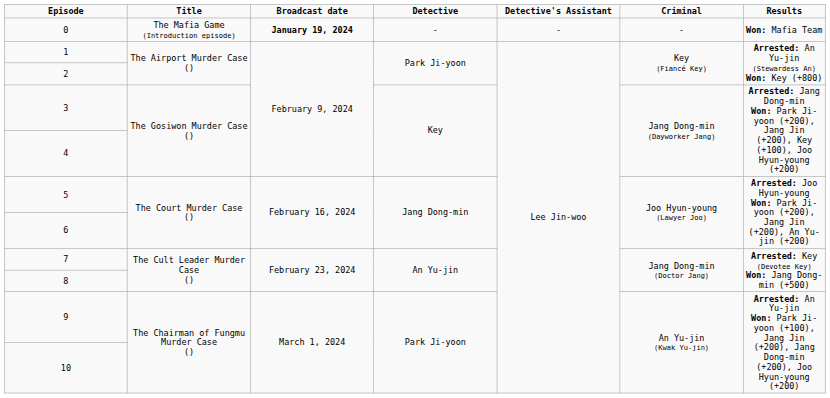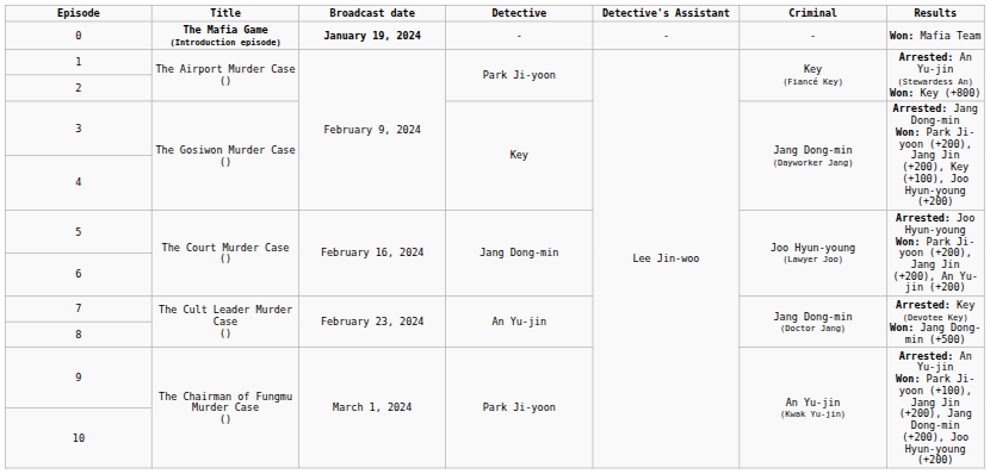 <table class=wikitable width=100% style=text-align:center>
 <tr>
 <td width='15%'><strong>Episode</strong></td>
 <td width='15%'><strong>Title</strong></td>
 <td width='15%'><strong>Broadcast date</strong></td>
 <td width='15%'><strong>Detective</strong></td>
 <td width='15%'><strong>Detective's Assistant</strong></td>
 <td width='15%'><strong>Criminal</strong></td>
 <td width='40%'><strong>Results</strong></td>
 </tr>
 <tr>
 <td>0</td>
-<td>The Mafia Game <br><small>(Introduction episode)</small></td>
+<td><strong>The Mafia Game <br><small>(Introduction episode)</small></strong></td>
 <td><strong>January 19, 2024</strong></td>
 <td>-</td>
 <td>-</td>
 <td>-</td>
 <td><strong>Won:</strong> Mafia Team</td>
 </tr>
 <tr>
 <td>1</td>
 <td rowspan=2>The Airport Murder Case<br>()</td>
 <td rowspan=4>February 9, 2024</td>
 <td rowspan=2>Park Ji-yoon</td>
 <td rowspan=10>Lee Jin-woo</td>
 <td rowspan=2> Key<br><small>(Fiancé Key)</small></td>
 <td rowspan=2> <strong>Arrested:</strong> An Yu-jin<br><small>(Stewardess An)</small><br><strong>Won:</strong> Key (+800)</td>
 </tr>
 <tr>
 <td>2</td>
 </tr>
 <tr>
 <td>3</td>
 <td rowspan=2>The Gosiwon Murder Case<br>()</td>
 <td rowspan=2>Key</td>
 <td rowspan=2> Jang Dong-min<br><small>(Dayworker Jang)</small></td>
 <td rowspan=2> <strong>Arrested:</strong> Jang Dong-min<br><strong>Won:</strong> Park Ji-yoon (+200), Jang Jin (+200), Key (+100), Joo Hyun-young (+200)</td>
 </tr>
 <tr>
 <td>4</td>
 </tr>
 <tr>
 <td>5</td>
 <td rowspan=2>The Court Murder Case<br>()</td>
 <td rowspan=2>February 16, 2024</td>
 <td rowspan=2>Jang Dong-min</td>
 <td rowspan=2> Joo Hyun-young<br><small>(Lawyer Joo)</small></td>
 <td rowspan=2> <strong>Arrested:</strong> Joo Hyun-young<br><strong>Won:</strong> Park Ji-yoon (+200), Jang Jin (+200), An Yu-jin (+200)</td>
 </tr>
 <tr>
 <td>6</td>
 </tr>
 <tr>
 <td>7</td>
 <td rowspan=2>The Cult Leader Murder Case<br>()</td>
 <td rowspan=2>February 23, 2024</td>
 <td rowspan=2>An Yu-jin</td>
 <td rowspan=2> Jang Dong-min<br><small>(Doctor Jang)</small></td>
 <td rowspan=2> <strong>Arrested:</strong> Key<br><small>(Devotee Key)</small><br><strong>Won:</strong> Jang Dong-min (+500)</td>
 </tr>
 <tr>
 <td>8</td>
 </tr>
 <tr>
 <td>9</td>
 <td rowspan=2>The Chairman of Fungmu Murder Case<br>()</td>
 <td rowspan=2>March 1, 2024</td>
 <td rowspan=2>Park Ji-yoon</td>
 <td rowspan=2> An Yu-jin<br><small>(Kwak Yu-jin)</small></td>
 <td rowspan=2> <strong>Arrested:</strong> An Yu-jin<br><strong>Won:</strong> Park Ji-yoon (+100), Jang Jin (+200), Jang Dong-min (+200), Joo Hyun-young (+200)</td>
 </tr>
 <tr>
 <td>10</td>
 </tr>
 </table>
